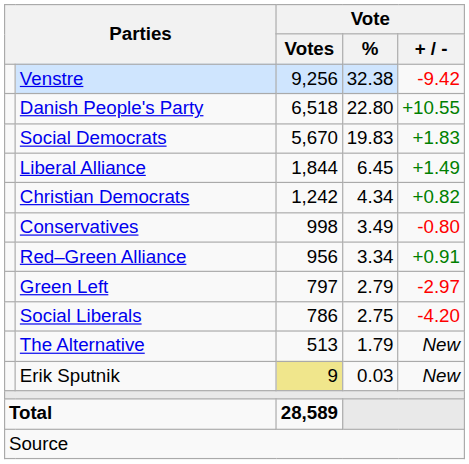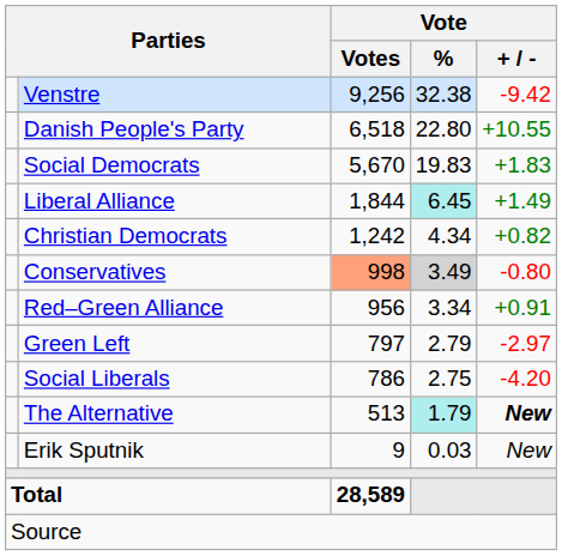 <table class="wikitable" style="text-align:right;">
 <tr>
 <th style="text-align:centre;" rowspan="2" colspan="2" width="225">Parties</th>
 <th colspan="3">Vote</th>
 </tr>
 <tr>
 <th width="15">Votes</th>
 <th width="15">%</th>
 <th width="15">+ / -</th>
 </tr>
 <tr>
 <td width="2" style="color:inherit;background:"></td>
 <td bgcolor=#cfe5fe  align="left"><a href='#'>Venstre</a></td>
 <td bgcolor=#cfe5fe>9,256</td>
 <td bgcolor=#cfe5fe>32.38</td>
 <td style=color:red;>-9.42</td>
 </tr>
 <tr>
 <td width="2" style="color:inherit;background:"></td>
 <td align="left"><a href='#'>Danish People's Party</a></td>
 <td>6,518</td>
 <td>22.80</td>
 <td style=color:green;>+10.55</td>
 </tr>
 <tr>
 <td width="2" style="color:inherit;background:"></td>
 <td align="left"><a href='#'>Social Democrats</a></td>
 <td>5,670</td>
 <td>19.83</td>
 <td style=color:green;>+1.83</td>
 </tr>
 <tr>
 <td width="2" style="color:inherit;background:"></td>
 <td align="left"><a href='#'>Liberal Alliance</a></td>
 <td>1,844</td>
-<td>6.45</td>
+<td style="background: paleturquoise;">6.45</td>
 <td style=color:green;>+1.49</td>
 </tr>
 <tr>
 <td width="2" style="color:inherit;background:"></td>
 <td align="left"><a href='#'>Christian Democrats</a></td>
 <td>1,242</td>
 <td>4.34</td>
 <td style=color:green;>+0.82</td>
 </tr>
 <tr>
 <td width="2" style="color:inherit;background:"></td>
 <td align="left"><a href='#'>Conservatives</a></td>
-<td>998</td>
-<td>3.49</td>
+<td style="background: lightsalmon;">998</td>
+<td style="background: lightgrey;">3.49</td>
 <td style=color:red;>-0.80</td>
 </tr>
 <tr>
 <td width="2" style="color:inherit;background:"></td>
 <td align="left"><a href='#'>Red–Green Alliance</a></td>
 <td>956</td>
 <td>3.34</td>
 <td style=color:green;>+0.91</td>
 </tr>
 <tr>
 <td width="2" style="color:inherit;background:"></td>
 <td align="left"><a href='#'>Green Left</a></td>
 <td>797</td>
 <td>2.79</td>
 <td style=color:red;>-2.97</td>
 </tr>
 <tr>
 <td width="2" style="color:inherit;background:"></td>
 <td align="left"><a href='#'>Social Liberals</a></td>
 <td>786</td>
 <td>2.75</td>
 <td style=color:red;>-4.20</td>
 </tr>
 <tr>
 <td width="2" style="color:inherit;background:"></td>
 <td align="left"><a href='#'>The Alternative</a></td>
 <td>513</td>
-<td>1.79</td>
-<td><em>New</em></td>
+<td style="background: paleturquoise;">1.79</td>
+<td><strong><em>New</em></strong></td>
 </tr>
 <tr>
 <td width="2" style="color:inherit;background:"></td>
 <td align="left">Erik Sputnik</td>
-<td style="background: khaki;">9</td>
+<td>9</td>
 <td>0.03</td>
 <td><em>New</em></td>
 </tr>
 <tr>
 <td colspan="7" bgcolor="#E9E9E9"></td>
 </tr>
 <tr>
 <td align="left" colspan="2"><strong>Total</strong></td>
 <td><strong>28,589</strong></td>
 <td bgcolor="#E9E9E9" colspan="2"></td>
 </tr>
 <tr>
 <td align="left" colspan="6">Source</td>
 </tr>
 </table>
